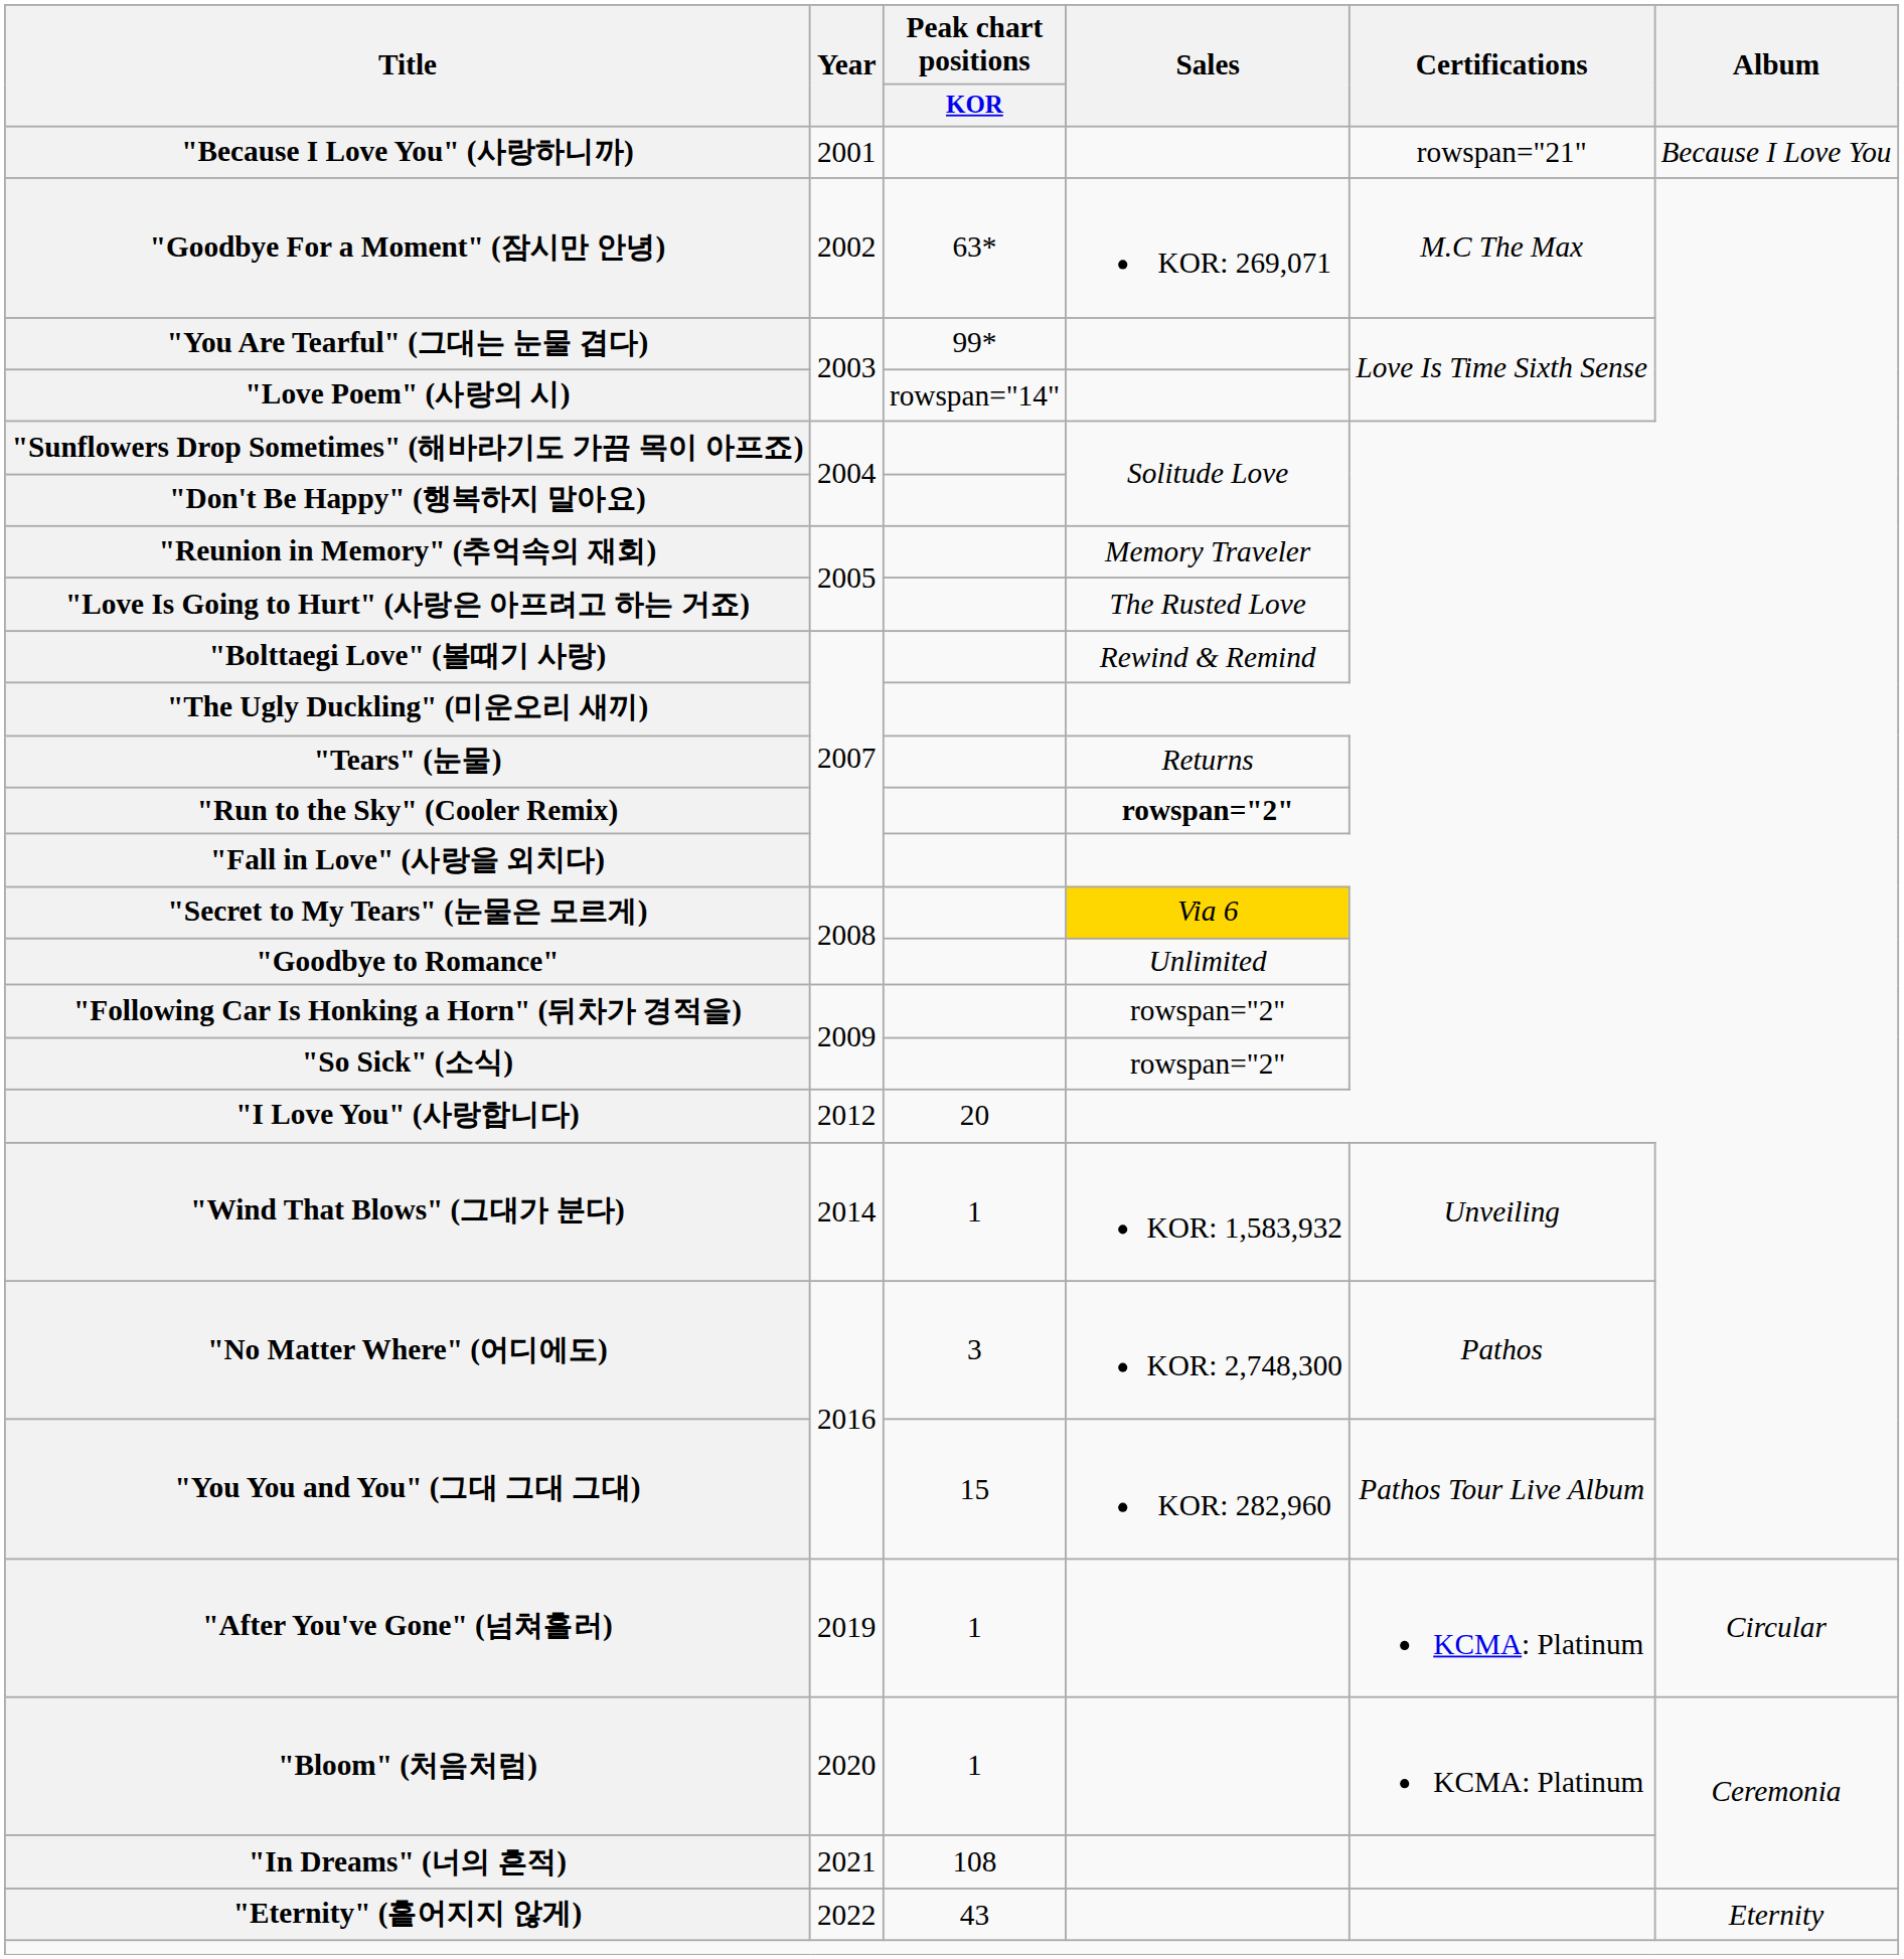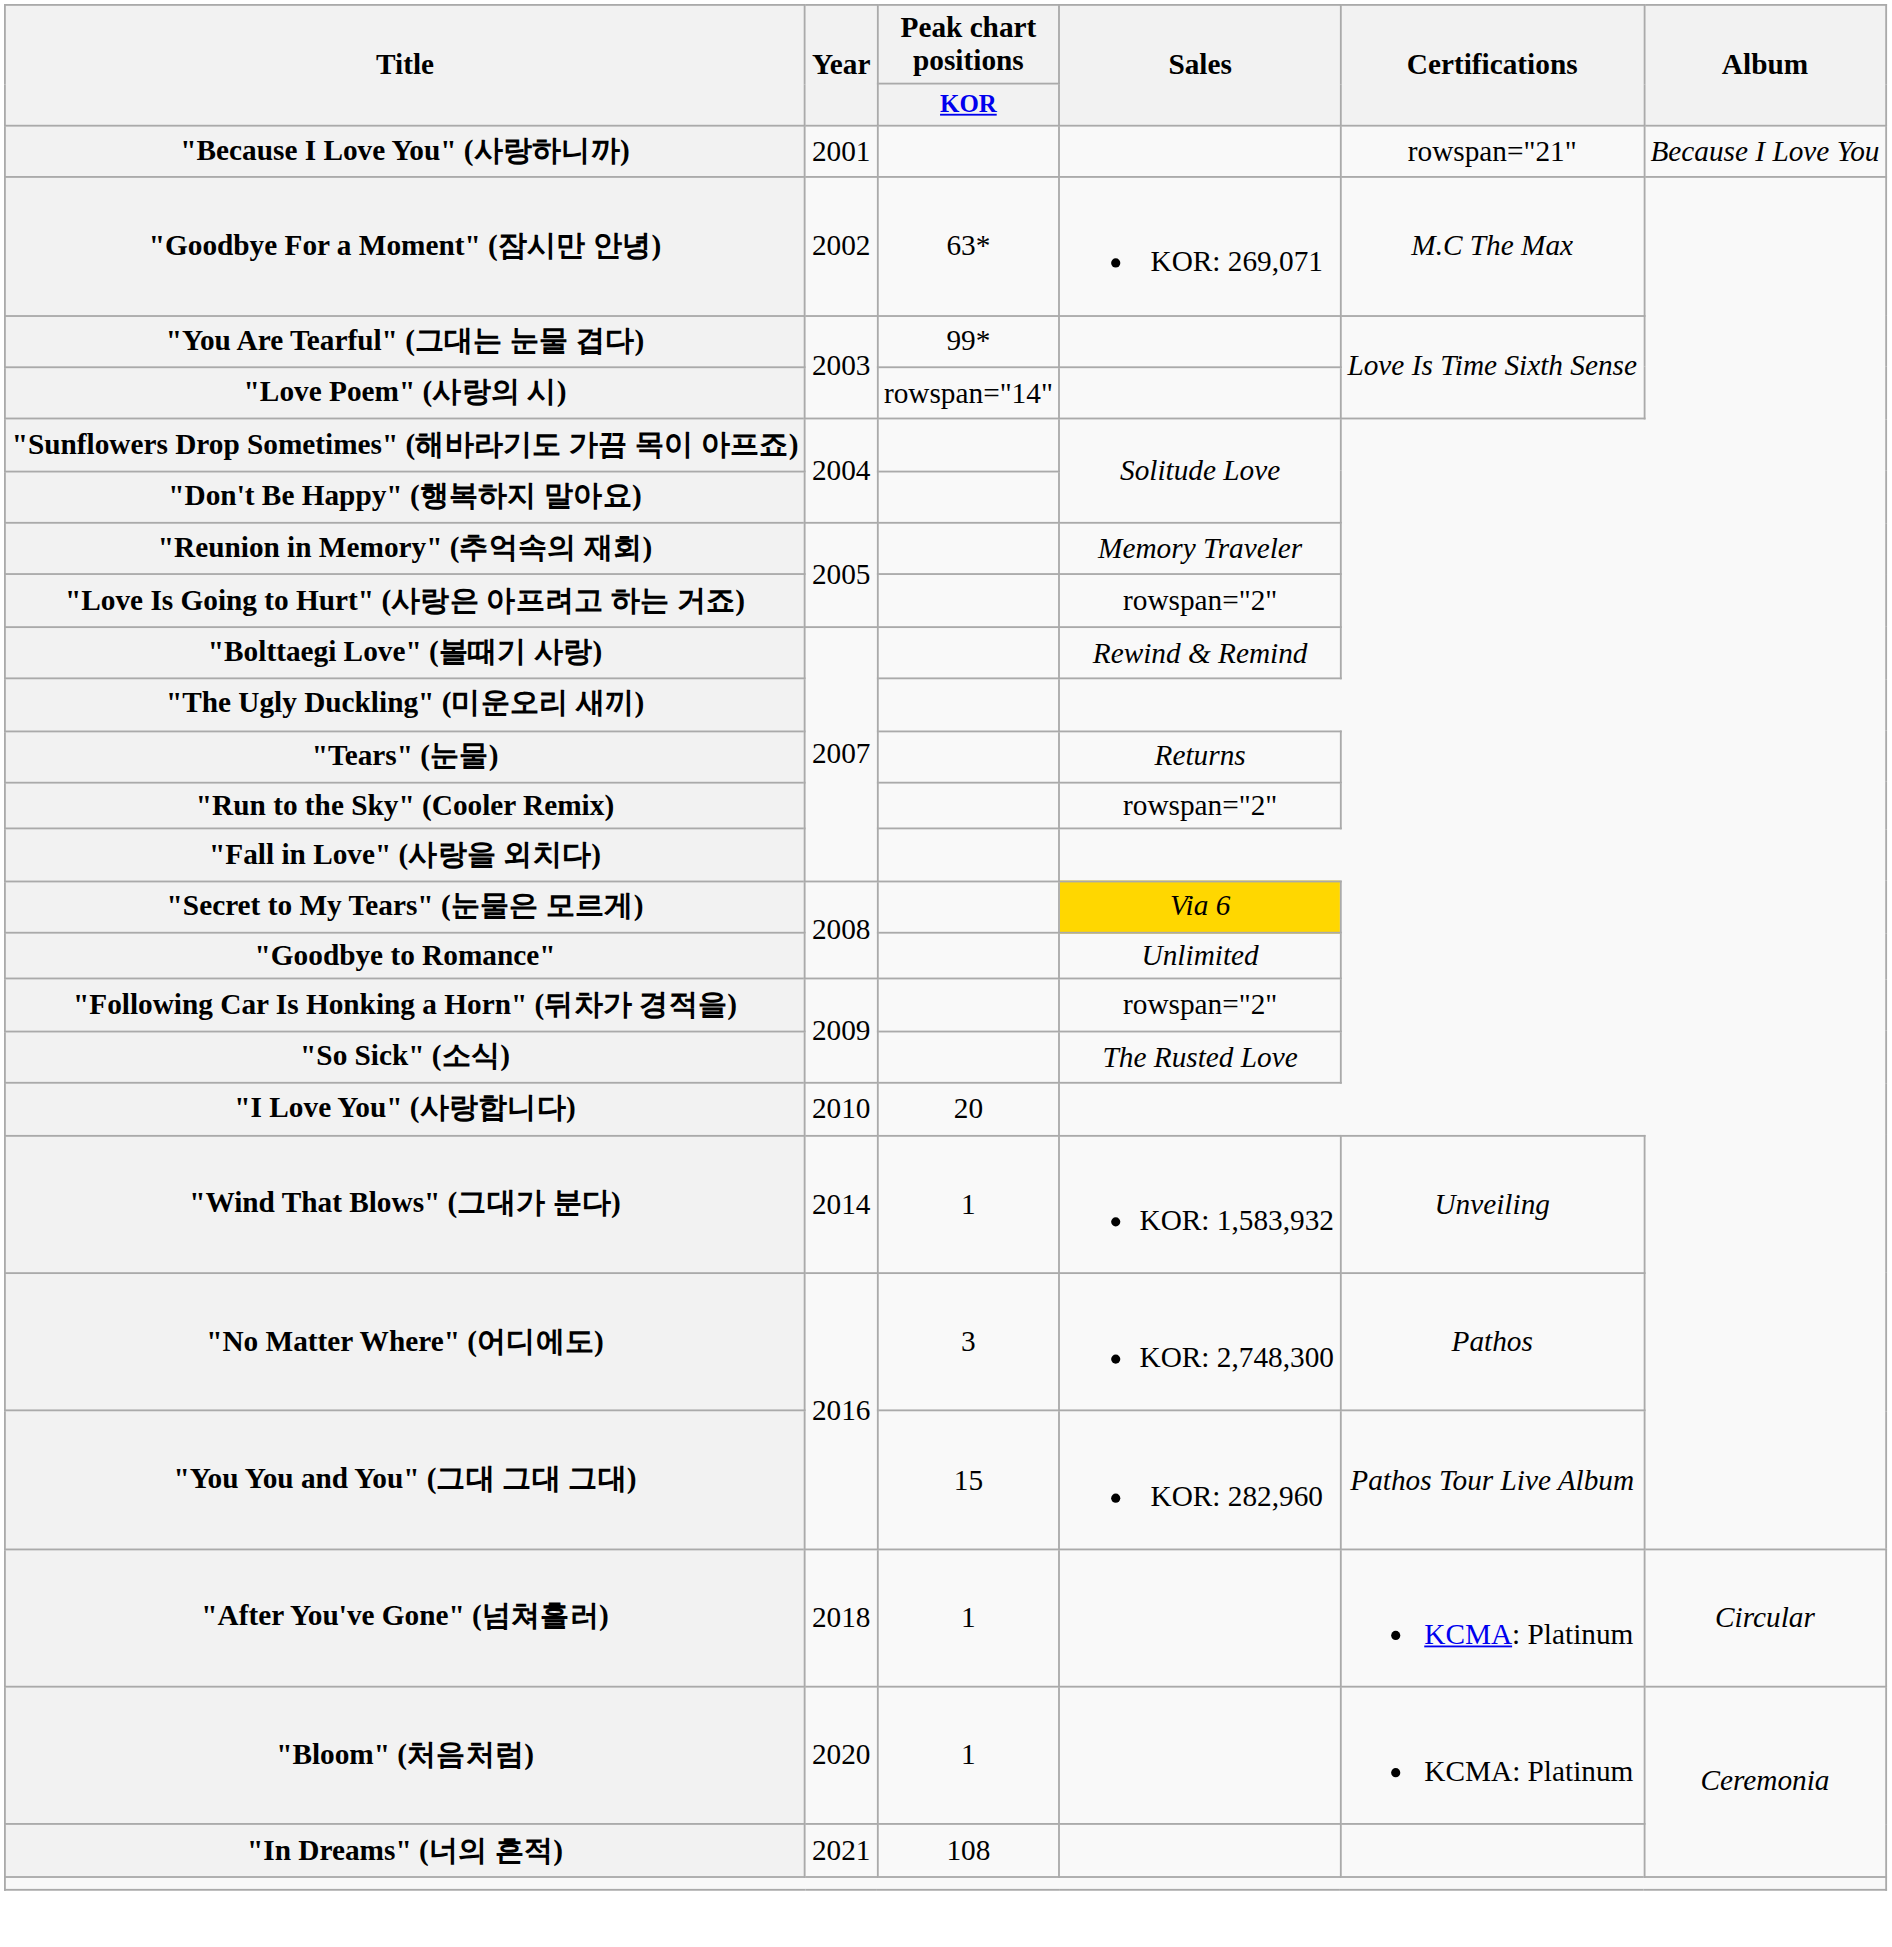 <table class="wikitable plainrowheaders" style="text-align:center;">
 <tr>
 <th scope="col" rowspan="2">Title</th>
 <th scope="col" rowspan="2">Year</th>
 <th scope="col" colspan="1">Peak chart positions</th>
 <th scope="col" rowspan="2">Sales</th>
 <th scope="col" rowspan="2">Certifications</th>
 <th scope="col" rowspan="2">Album</th>
 </tr>
 <tr>
 <th scope="col" style="width:3em;font-size:85%;"><a href='#'>KOR</a><br></th>
 </tr>
 <tr>
 <th scope="row">"Because I Love You" (사랑하니까)</th>
 <td>2001</td>
 <td></td>
 <td></td>
 <td>rowspan="21" </td>
 <td><em>Because I Love You</em></td>
 </tr>
 <tr>
 <th scope="row">"Goodbye For a Moment" (잠시만 안녕)</th>
 <td>2002</td>
 <td>63*</td>
 <td><br><ul><li>KOR: 269,071</li></ul></td>
 <td><em>M.C The Max</em></td>
 </tr>
 <tr>
 <th scope="row">"You Are Tearful" (그대는 눈물 겹다)</th>
 <td rowspan="2">2003</td>
 <td>99*</td>
 <td></td>
 <td rowspan="2"><em>Love Is Time Sixth Sense</em></td>
 </tr>
 <tr>
 <th scope="row">"Love Poem" (사랑의 시)</th>
 <td>rowspan="14" </td>
 <td></td>
 </tr>
 <tr>
 <th scope="row">"Sunflowers Drop Sometimes" (해바라기도 가끔 목이 아프죠)</th>
 <td rowspan="2">2004</td>
 <td></td>
 <td rowspan="2"><em>Solitude Love</em></td>
 </tr>
 <tr>
 <th scope="row">"Don't Be Happy" (행복하지 말아요)</th>
 <td></td>
 </tr>
 <tr>
 <th scope="row">"Reunion in Memory" (추억속의 재회)</th>
 <td rowspan="2">2005</td>
 <td></td>
 <td><em>Memory Traveler</em></td>
 </tr>
 <tr>
 <th scope="row">"Love Is Going to Hurt" (사랑은 아프려고 하는 거죠)</th>
 <td></td>
-<td><em>The Rusted Love</em></td>
+<td>rowspan="2" </td>
 </tr>
 <tr>
 <th scope="row">"Bolttaegi Love" (볼때기 사랑)</th>
 <td rowspan="5">2007</td>
 <td></td>
 <td><em>Rewind & Remind</em></td>
 </tr>
 <tr>
 <th scope="row">"The Ugly Duckling" (미운오리 새끼)</th>
 <td></td>
 </tr>
 <tr>
 <th scope="row">"Tears" (눈물)</th>
 <td></td>
 <td><em>Returns</em></td>
 </tr>
 <tr>
 <th scope="row">"Run to the Sky" (Cooler Remix)</th>
 <td></td>
-<td><strong>rowspan="2" </strong></td>
+<td>rowspan="2" </td>
 </tr>
 <tr>
 <th scope="row">"Fall in Love" (사랑을 외치다)</th>
 <td></td>
 </tr>
 <tr>
 <th scope="row">"Secret to My Tears" (눈물은 모르게)</th>
 <td rowspan="2">2008</td>
 <td></td>
 <td style="background: gold;"><em>Via 6</em></td>
 </tr>
 <tr>
 <th scope="row">"Goodbye to Romance"</th>
 <td></td>
 <td><em>Unlimited</em></td>
 </tr>
 <tr>
 <th scope="row">"Following Car Is Honking a Horn" (뒤차가 경적을)</th>
 <td rowspan="2">2009</td>
 <td></td>
 <td>rowspan="2" </td>
 </tr>
 <tr>
 <th scope="row">"So Sick" (소식) </th>
 <td></td>
-<td>rowspan="2" </td>
+<td><em>The Rusted Love</em></td>
 </tr>
 <tr>
 <th scope="row">"I Love You" (사랑합니다) </th>
-<td>2012</td>
+<td>2010</td>
 <td>20</td>
 </tr>
 <tr>
 <th scope="row">"Wind That Blows" (그대가 분다)</th>
 <td>2014</td>
 <td>1</td>
 <td><br><ul><li>KOR: 1,583,932</li></ul></td>
 <td><em>Unveiling</em></td>
 </tr>
 <tr>
 <th scope="row">"No Matter Where" (어디에도)</th>
 <td rowspan="2">2016</td>
 <td>3</td>
 <td><br><ul><li>KOR: 2,748,300</li></ul></td>
 <td><em>Pathos</em></td>
 </tr>
 <tr>
 <th scope="row">"You You and You" (그대 그대 그대)</th>
 <td>15</td>
 <td><br><ul><li>KOR: 282,960</li></ul></td>
 <td><em>Pathos Tour Live Album</em></td>
 </tr>
 <tr>
 <th scope="row">"After You've Gone" (넘쳐흘러)</th>
-<td>2019</td>
+<td>2018</td>
 <td>1</td>
 <td></td>
 <td><br><ul><li><a href='#'>KCMA</a>: Platinum </li></ul></td>
 <td><em>Circular</em></td>
 </tr>
 <tr>
 <th scope="row">"Bloom" (처음처럼)</th>
 <td>2020</td>
 <td>1</td>
 <td></td>
 <td><br><ul><li>KCMA: Platinum </li></ul></td>
 <td rowspan="2"><em>Ceremonia</em></td>
 </tr>
 <tr>
 <th scope="row">"In Dreams" (너의 흔적)</th>
 <td>2021</td>
 <td>108</td>
 <td></td>
 <td></td>
 </tr>
 <tr>
-<th scope="row">"Eternity" (흩어지지 않게)</th>
-<td>2022</td>
-<td>43</td>
-<td></td>
-<td></td>
-<td><em>Eternity</em></td>
-</tr>
-<tr>
 <td colspan="6"></td>
 </tr>
 </table>
